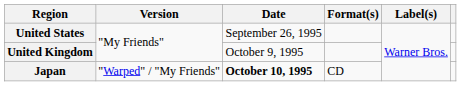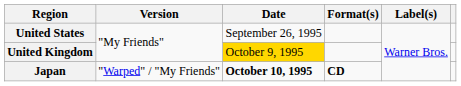 <table class="wikitable plainrowheaders">
 <tr>
 <th scope="col">Region</th>
 <th scope="col">Version</th>
 <th scope="col">Date</th>
 <th scope="col">Format(s)</th>
 <th scope="col">Label(s)</th>
 <th scope="col"></th>
 </tr>
 <tr>
 <th scope="row">United States</th>
 <td rowspan="2">"My Friends"</td>
 <td>September 26, 1995</td>
 <td></td>
 <td rowspan="3"><a href='#'>Warner Bros.</a></td>
 <td align="center"></td>
 </tr>
 <tr>
 <th scope="row">United Kingdom</th>
-<td>October 9, 1995</td>
+<td style="background: gold;">October 9, 1995</td>
 <td></td>
 <td align="center"></td>
 </tr>
 <tr>
 <th scope="row">Japan</th>
 <td>"<a href='#'>Warped</a>" / "My Friends"</td>
 <td><strong>October 10, 1995</strong></td>
-<td>CD</td>
+<td><strong>CD</strong></td>
 <td align="center"></td>
 </tr>
 </table>
